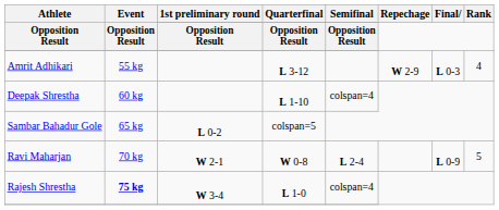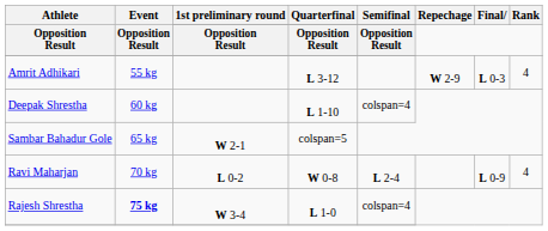 <table class=wikitable style="text-align:center; font-size:90%">
 <tr>
 <th rowspan="2">Athlete</th>
 <th rowspan="2">Event</th>
 <th>1st preliminary round</th>
 <th>Quarterfinal</th>
 <th>Semifinal</th>
 <th>Repechage</th>
 <th>Final/</th>
 <th rowspan=2>Rank</th>
 </tr>
 <tr>
 </tr>
 <tr style="font-size:95%">
 <th>Opposition<br>Result</th>
 <th>Opposition<br>Result</th>
 <th>Opposition<br>Result</th>
 <th>Opposition<br>Result</th>
 <th>Opposition<br>Result</th>
 </tr>
 <tr>
 </tr>
 <tr align=center>
 <td align=left><a href='#'>Amrit Adhikari</a></td>
 <td><a href='#'>55 kg</a></td>
 <td></td>
 <td style="text-align:center;"> <br> <strong>L</strong> 3-12</td>
 <td></td>
 <td style="text-align:center;"> <br> <strong>W</strong> 2-9</td>
 <td style="text-align:center;"> <br> <strong>L</strong> 0-3</td>
 <td>4</td>
 </tr>
 <tr>
 <td align=left><a href='#'>Deepak Shrestha</a></td>
 <td><a href='#'>60 kg</a></td>
 <td></td>
 <td style="text-align:center;"> <br> <strong>L</strong> 1-10</td>
 <td>colspan=4 </td>
 </tr>
 <tr>
 <td align=left><a href='#'>Sambar Bahadur Gole</a></td>
 <td><a href='#'>65 kg</a></td>
-<td style="text-align:center;"> <br> <strong>L</strong> 0-2</td>
+<td style="text-align:center;"> <br> <strong>W</strong> 2-1</td>
 <td>colspan=5 </td>
 </tr>
 <tr>
 <td align=left><a href='#'>Ravi Maharjan</a></td>
 <td><a href='#'>70 kg</a></td>
-<td style="text-align:center;"> <br> <strong>W</strong> 2-1</td>
+<td style="text-align:center;"> <br> <strong>L</strong> 0-2</td>
 <td style="text-align:center;"> <br> <strong>W</strong> 0-8</td>
 <td style="text-align:center;"> <br> <strong>L</strong> 2-4</td>
 <td></td>
 <td style="text-align:center;"> <br> <strong>L</strong> 0-9</td>
-<td>5</td>
+<td>4</td>
 </tr>
 <tr>
 <td align=left><a href='#'>Rajesh Shrestha</a></td>
 <td><strong><a href='#'>75 kg</a></strong></td>
 <td style="text-align:center;"> <br> <strong>W</strong> 3<sup><strong></strong></sup>-4</td>
 <td style="text-align:center;"> <br> <strong>L</strong> 1-0</td>
 <td>colspan=4 </td>
 </tr>
 <tr>
 </tr>
 </table>
